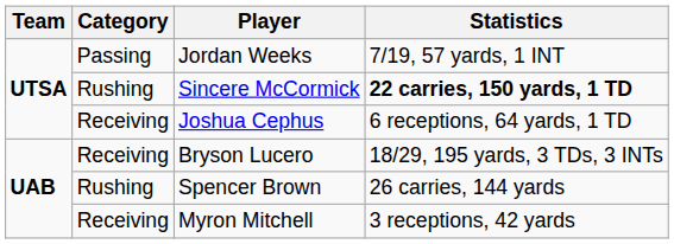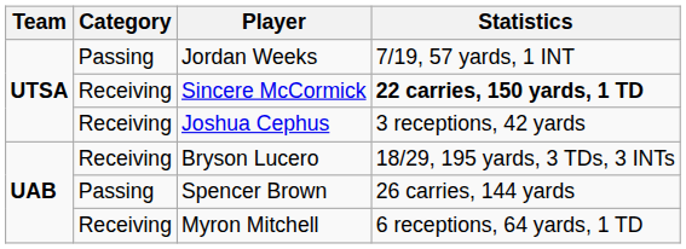 <table class="wikitable" style="float: left;">
 <tr>
 <th>Team</th>
 <th>Category</th>
 <th>Player</th>
 <th>Statistics</th>
 </tr>
 <tr>
 <td rowspan=3><strong>UTSA</strong></td>
 <td>Passing</td>
 <td>Jordan Weeks</td>
 <td>7/19, 57 yards, 1 INT</td>
 </tr>
 <tr>
-<td>Rushing</td>
+<td>Receiving</td>
 <td><a href='#'>Sincere McCormick</a></td>
 <td><strong>22 carries, 150 yards, 1 TD</strong></td>
 </tr>
 <tr>
 <td>Receiving</td>
 <td><a href='#'>Joshua Cephus</a></td>
-<td>6 receptions, 64 yards, 1 TD</td>
+<td>3 receptions, 42 yards</td>
 </tr>
 <tr>
 <td rowspan=3><strong>UAB</strong></td>
 <td>Receiving</td>
 <td>Bryson Lucero</td>
 <td>18/29, 195 yards, 3 TDs, 3 INTs</td>
 </tr>
 <tr>
-<td>Rushing</td>
+<td>Passing</td>
 <td>Spencer Brown</td>
 <td>26 carries, 144 yards</td>
 </tr>
 <tr>
 <td>Receiving</td>
 <td>Myron Mitchell</td>
-<td>3 receptions, 42 yards</td>
+<td>6 receptions, 64 yards, 1 TD</td>
 </tr>
 </table>
